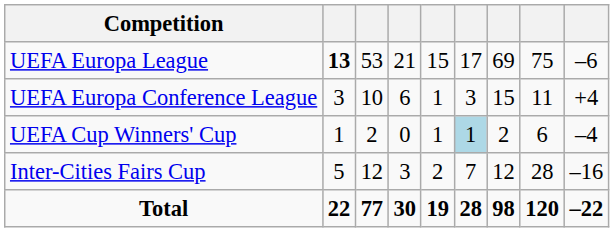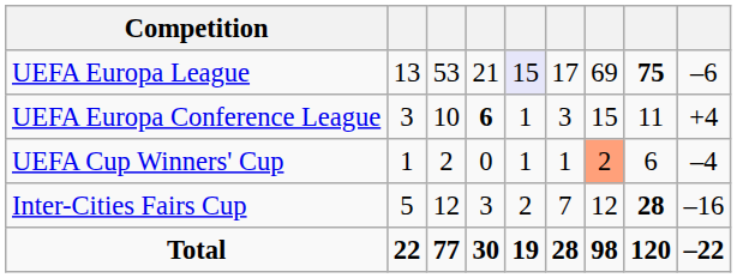 <table class="wikitable" style="text-align: center; font-size:95%">
 <tr>
 <th>Competition</th>
 <th></th>
 <th></th>
 <th></th>
 <th></th>
 <th></th>
 <th></th>
 <th></th>
 <th></th>
 </tr>
 <tr>
 <td align="left"><a href='#'>UEFA Europa League</a></td>
-<td><strong>13</strong></td>
+<td>13</td>
 <td>53</td>
 <td>21</td>
-<td>15</td>
+<td style="background: lavender;">15</td>
 <td>17</td>
 <td>69</td>
-<td>75</td>
+<td><strong>75</strong></td>
 <td>–6</td>
 </tr>
 <tr>
 <td align="left"><a href='#'>UEFA Europa Conference League</a></td>
 <td>3</td>
 <td>10</td>
-<td>6</td>
+<td><strong>6</strong></td>
 <td>1</td>
 <td>3</td>
 <td>15</td>
 <td>11</td>
 <td>+4</td>
 </tr>
 <tr>
 <td align="left"><a href='#'>UEFA Cup Winners' Cup</a></td>
 <td>1</td>
 <td>2</td>
 <td>0</td>
 <td>1</td>
-<td style="background: lightblue;">1</td>
-<td>2</td>
+<td>1</td>
+<td style="background: lightsalmon;">2</td>
 <td>6</td>
 <td>–4</td>
 </tr>
 <tr>
 <td align="left"><a href='#'>Inter-Cities Fairs Cup</a></td>
 <td>5</td>
 <td>12</td>
 <td>3</td>
 <td>2</td>
 <td>7</td>
 <td>12</td>
-<td>28</td>
+<td><strong>28</strong></td>
 <td>–16</td>
 </tr>
 <tr>
 <td><strong>Total</strong></td>
 <td><strong>22</strong></td>
 <td><strong>77</strong></td>
 <td><strong>30</strong></td>
 <td><strong>19</strong></td>
 <td><strong>28</strong></td>
 <td><strong>98</strong></td>
 <td><strong>120</strong></td>
 <td><strong>–22</strong></td>
 </tr>
 </table>
